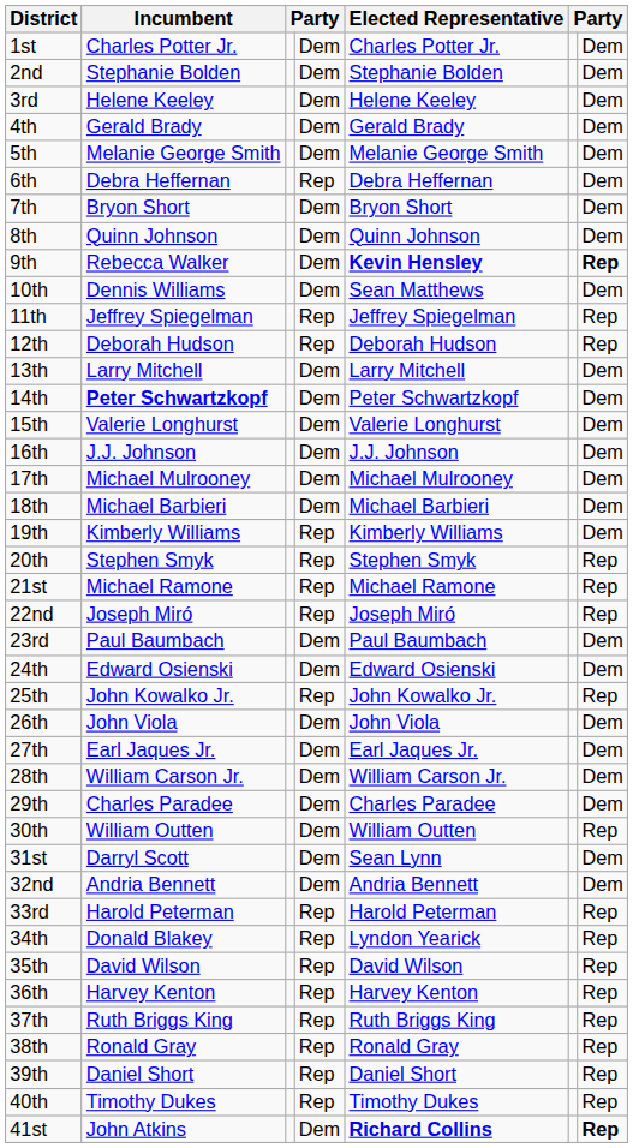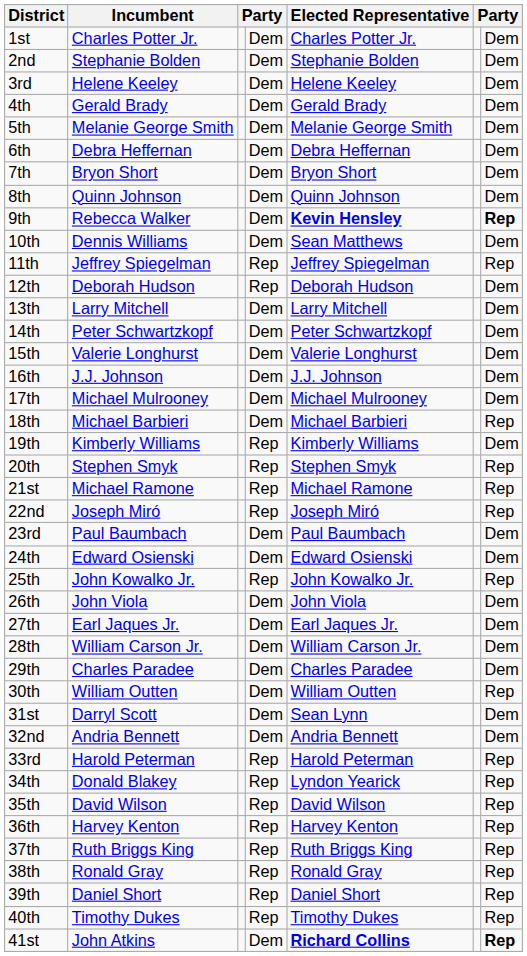 <table class="sortable wikitable" style="font-size:95%;line-height:14px;">
 <tr>
 <th class="sortable">District</th>
 <th class="unsortable">Incumbent</th>
 <th colspan="2">Party</th>
 <th class="unsortable">Elected Representative</th>
 <th colspan="2">Party</th>
 </tr>
 <tr>
 <td>1st</td>
 <td><a href='#'>Charles Potter Jr.</a></td>
 <td style="background:"></td>
 <td>Dem</td>
 <td><a href='#'>Charles Potter Jr.</a></td>
 <td style="background:"></td>
 <td>Dem</td>
 </tr>
 <tr>
 <td>2nd</td>
 <td><a href='#'>Stephanie Bolden</a></td>
 <td style="background:"></td>
 <td>Dem</td>
 <td><a href='#'>Stephanie Bolden</a></td>
 <td style="background:"></td>
 <td>Dem</td>
 </tr>
 <tr>
 <td>3rd</td>
 <td><a href='#'>Helene Keeley</a></td>
 <td style="background:"></td>
 <td>Dem</td>
 <td><a href='#'>Helene Keeley</a></td>
 <td style="background:"></td>
 <td>Dem</td>
 </tr>
 <tr>
 <td>4th</td>
 <td><a href='#'>Gerald Brady</a></td>
 <td style="background:"></td>
 <td>Dem</td>
 <td><a href='#'>Gerald Brady</a></td>
 <td style="background:"></td>
 <td>Dem</td>
 </tr>
 <tr>
 <td>5th</td>
 <td><a href='#'>Melanie George Smith</a></td>
 <td style="background:"></td>
 <td>Dem</td>
 <td><a href='#'>Melanie George Smith</a></td>
 <td style="background:"></td>
 <td>Dem</td>
 </tr>
 <tr>
 <td>6th</td>
 <td><a href='#'>Debra Heffernan</a></td>
 <td style="background:"></td>
-<td>Rep</td>
+<td>Dem</td>
 <td><a href='#'>Debra Heffernan</a></td>
 <td style="background:"></td>
 <td>Dem</td>
 </tr>
 <tr>
 <td>7th</td>
 <td><a href='#'>Bryon Short</a></td>
 <td style="background:"></td>
 <td>Dem</td>
 <td><a href='#'>Bryon Short</a></td>
 <td style="background:"></td>
 <td>Dem</td>
 </tr>
 <tr>
 <td>8th</td>
 <td><a href='#'>Quinn Johnson</a></td>
 <td style="background:"></td>
 <td>Dem</td>
 <td><a href='#'>Quinn Johnson</a></td>
 <td style="background:"></td>
 <td>Dem</td>
 </tr>
 <tr>
 <td>9th</td>
 <td><a href='#'>Rebecca Walker</a></td>
 <td style="background:"></td>
 <td>Dem</td>
 <td><strong><a href='#'>Kevin Hensley</a></strong></td>
 <td style="background:"></td>
 <td><strong>Rep</strong></td>
 </tr>
 <tr>
 <td>10th</td>
 <td><a href='#'>Dennis Williams</a></td>
 <td style="background:"></td>
 <td>Dem</td>
 <td><a href='#'>Sean Matthews</a></td>
 <td style="background:"></td>
 <td>Dem</td>
 </tr>
 <tr>
 <td>11th</td>
 <td><a href='#'>Jeffrey Spiegelman</a></td>
 <td style="background:"></td>
 <td>Rep</td>
 <td><a href='#'>Jeffrey Spiegelman</a></td>
 <td style="background:"></td>
 <td>Rep</td>
 </tr>
 <tr>
 <td>12th</td>
 <td><a href='#'>Deborah Hudson</a></td>
 <td style="background:"></td>
 <td>Rep</td>
 <td><a href='#'>Deborah Hudson</a></td>
 <td style="background:"></td>
-<td>Rep</td>
+<td>Dem</td>
 </tr>
 <tr>
 <td>13th</td>
 <td><a href='#'>Larry Mitchell</a></td>
 <td style="background:"></td>
 <td>Dem</td>
 <td><a href='#'>Larry Mitchell</a></td>
 <td style="background:"></td>
 <td>Dem</td>
 </tr>
 <tr>
 <td>14th</td>
-<td><strong><a href='#'>Peter Schwartzkopf</a></strong></td>
+<td><a href='#'>Peter Schwartzkopf</a></td>
 <td style="background:"></td>
 <td>Dem</td>
 <td><a href='#'>Peter Schwartzkopf</a></td>
 <td style="background:"></td>
 <td>Dem</td>
 </tr>
 <tr>
 <td>15th</td>
 <td><a href='#'>Valerie Longhurst</a></td>
 <td style="background:"></td>
 <td>Dem</td>
 <td><a href='#'>Valerie Longhurst</a></td>
 <td style="background:"></td>
 <td>Dem</td>
 </tr>
 <tr>
 <td>16th</td>
 <td><a href='#'>J.J. Johnson</a></td>
 <td style="background:"></td>
 <td>Dem</td>
 <td><a href='#'>J.J. Johnson</a></td>
 <td style="background:"></td>
 <td>Dem</td>
 </tr>
 <tr>
 <td>17th</td>
 <td><a href='#'>Michael Mulrooney</a></td>
 <td style="background:"></td>
 <td>Dem</td>
 <td><a href='#'>Michael Mulrooney</a></td>
 <td style="background:"></td>
 <td>Dem</td>
 </tr>
 <tr>
 <td>18th</td>
 <td><a href='#'>Michael Barbieri</a></td>
 <td style="background:"></td>
 <td>Dem</td>
 <td><a href='#'>Michael Barbieri</a></td>
 <td style="background:"></td>
-<td>Dem</td>
+<td>Rep</td>
 </tr>
 <tr>
 <td>19th</td>
 <td><a href='#'>Kimberly Williams</a></td>
 <td style="background:"></td>
 <td>Rep</td>
 <td><a href='#'>Kimberly Williams</a></td>
 <td style="background:"></td>
 <td>Dem</td>
 </tr>
 <tr>
 <td>20th</td>
 <td><a href='#'>Stephen Smyk</a></td>
 <td style="background:"></td>
 <td>Rep</td>
 <td><a href='#'>Stephen Smyk</a></td>
 <td style="background:"></td>
 <td>Rep</td>
 </tr>
 <tr>
 <td>21st</td>
 <td><a href='#'>Michael Ramone</a></td>
 <td style="background:"></td>
 <td>Rep</td>
 <td><a href='#'>Michael Ramone</a></td>
 <td style="background:"></td>
 <td>Rep</td>
 </tr>
 <tr>
 <td>22nd</td>
 <td><a href='#'>Joseph Miró</a></td>
 <td style="background:"></td>
 <td>Rep</td>
 <td><a href='#'>Joseph Miró</a></td>
 <td style="background:"></td>
 <td>Rep</td>
 </tr>
 <tr>
 <td>23rd</td>
 <td><a href='#'>Paul Baumbach</a></td>
 <td style="background:"></td>
 <td>Dem</td>
 <td><a href='#'>Paul Baumbach</a></td>
 <td style="background:"></td>
 <td>Dem</td>
 </tr>
 <tr>
 <td>24th</td>
 <td><a href='#'>Edward Osienski</a></td>
 <td style="background:"></td>
 <td>Dem</td>
 <td><a href='#'>Edward Osienski</a></td>
 <td style="background:"></td>
 <td>Dem</td>
 </tr>
 <tr>
 <td>25th</td>
 <td><a href='#'>John Kowalko Jr.</a></td>
 <td style="background:"></td>
 <td>Rep</td>
 <td><a href='#'>John Kowalko Jr.</a></td>
 <td style="background:"></td>
 <td>Rep</td>
 </tr>
 <tr>
 <td>26th</td>
 <td><a href='#'>John Viola</a></td>
 <td style="background:"></td>
 <td>Dem</td>
 <td><a href='#'>John Viola</a></td>
 <td style="background:"></td>
 <td>Dem</td>
 </tr>
 <tr>
 <td>27th</td>
 <td><a href='#'>Earl Jaques Jr.</a></td>
 <td style="background:"></td>
 <td>Dem</td>
 <td><a href='#'>Earl Jaques Jr.</a></td>
 <td style="background:"></td>
 <td>Dem</td>
 </tr>
 <tr>
 <td>28th</td>
 <td><a href='#'>William Carson Jr.</a></td>
 <td style="background:"></td>
 <td>Dem</td>
 <td><a href='#'>William Carson Jr.</a></td>
 <td style="background:"></td>
 <td>Dem</td>
 </tr>
 <tr>
 <td>29th</td>
 <td><a href='#'>Charles Paradee</a></td>
 <td style="background:"></td>
 <td>Dem</td>
 <td><a href='#'>Charles Paradee</a></td>
 <td style="background:"></td>
 <td>Dem</td>
 </tr>
 <tr>
 <td>30th</td>
 <td><a href='#'>William Outten</a></td>
 <td style="background:"></td>
 <td>Dem</td>
 <td><a href='#'>William Outten</a></td>
 <td style="background:"></td>
 <td>Rep</td>
 </tr>
 <tr>
 <td>31st</td>
 <td><a href='#'>Darryl Scott</a></td>
 <td style="background:"></td>
 <td>Dem</td>
 <td><a href='#'>Sean Lynn</a></td>
 <td style="background:"></td>
 <td>Dem</td>
 </tr>
 <tr>
 <td>32nd</td>
 <td><a href='#'>Andria Bennett</a></td>
 <td style="background:"></td>
 <td>Dem</td>
 <td><a href='#'>Andria Bennett</a></td>
 <td style="background:"></td>
 <td>Dem</td>
 </tr>
 <tr>
 <td>33rd</td>
 <td><a href='#'>Harold Peterman</a></td>
 <td style="background:"></td>
 <td>Rep</td>
 <td><a href='#'>Harold Peterman</a></td>
 <td style="background:"></td>
 <td>Rep</td>
 </tr>
 <tr>
 <td>34th</td>
 <td><a href='#'>Donald Blakey</a></td>
 <td style="background:"></td>
 <td>Rep</td>
 <td><a href='#'>Lyndon Yearick</a></td>
 <td style="background:"></td>
 <td>Rep</td>
 </tr>
 <tr>
 <td>35th</td>
 <td><a href='#'>David Wilson</a></td>
 <td style="background:"></td>
 <td>Rep</td>
 <td><a href='#'>David Wilson</a></td>
 <td style="background:"></td>
 <td>Rep</td>
 </tr>
 <tr>
 <td>36th</td>
 <td><a href='#'>Harvey Kenton</a></td>
 <td style="background:"></td>
 <td>Rep</td>
 <td><a href='#'>Harvey Kenton</a></td>
 <td style="background:"></td>
 <td>Rep</td>
 </tr>
 <tr>
 <td>37th</td>
 <td><a href='#'>Ruth Briggs King</a></td>
 <td style="background:"></td>
 <td>Rep</td>
 <td><a href='#'>Ruth Briggs King</a></td>
 <td style="background:"></td>
 <td>Rep</td>
 </tr>
 <tr>
 <td>38th</td>
 <td><a href='#'>Ronald Gray</a></td>
 <td style="background:"></td>
 <td>Rep</td>
 <td><a href='#'>Ronald Gray</a></td>
 <td style="background:"></td>
 <td>Rep</td>
 </tr>
 <tr>
 <td>39th</td>
 <td><a href='#'>Daniel Short</a></td>
 <td style="background:"></td>
 <td>Rep</td>
 <td><a href='#'>Daniel Short</a></td>
 <td style="background:"></td>
 <td>Rep</td>
 </tr>
 <tr>
 <td>40th</td>
 <td><a href='#'>Timothy Dukes</a></td>
 <td style="background:"></td>
 <td>Rep</td>
 <td><a href='#'>Timothy Dukes</a></td>
 <td style="background:"></td>
 <td>Rep</td>
 </tr>
 <tr>
 <td>41st</td>
 <td><a href='#'>John Atkins</a></td>
 <td style="background:"></td>
 <td>Dem</td>
 <td><strong><a href='#'>Richard Collins</a></strong></td>
 <td style="background:"></td>
 <td><strong>Rep</strong></td>
 </tr>
 <tr>
 </tr>
 </table>
